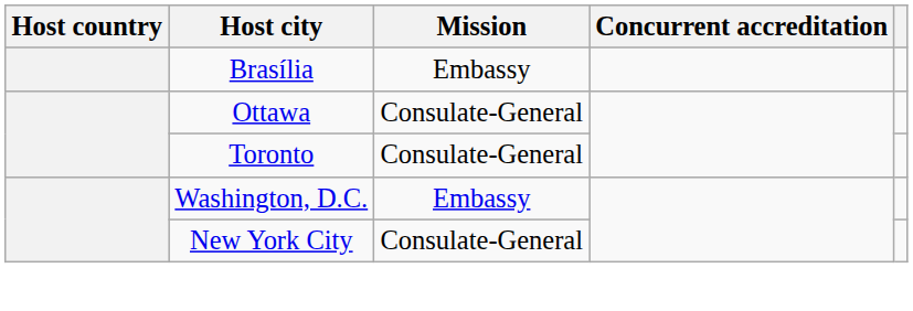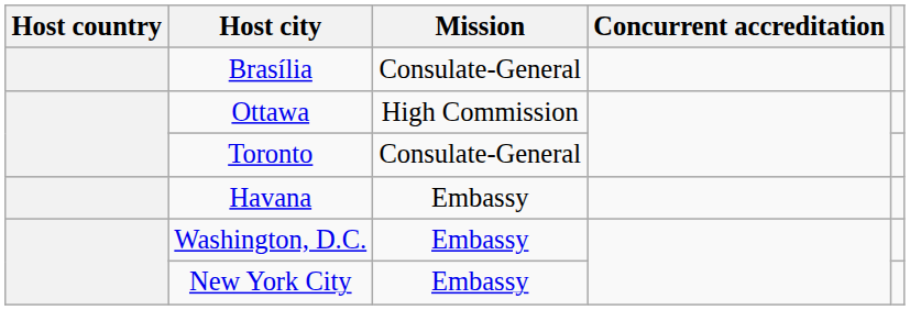 <table class="wikitable plainrowheaders" style="text-align:center">
 <tr>
 <th scope="col">Host country</th>
 <th scope="col">Host city</th>
 <th scope="col">Mission</th>
 <th scope="col">Concurrent accreditation</th>
 <th scope="col"></th>
 </tr>
 <tr>
 <th scope="row"></th>
 <td><a href='#'>Brasília</a></td>
-<td>Embassy</td>
+<td>Consulate-General</td>
 <td></td>
 <td></td>
 </tr>
 <tr>
 <th scope="row" rowspan="2"></th>
 <td><a href='#'>Ottawa</a></td>
-<td>Consulate-General</td>
+<td>High Commission</td>
 <td rowspan="2"></td>
 <td></td>
 </tr>
 <tr>
 <td><a href='#'>Toronto</a></td>
 <td>Consulate-General</td>
+<td></td>
+</tr>
+<tr>
+<th scope="row"></th>
+<td><a href='#'>Havana</a></td>
+<td>Embassy</td>
+<td></td>
 <td></td>
 </tr>
 <tr>
 <th scope="row" rowspan="2"></th>
 <td><a href='#'>Washington, D.C.</a></td>
 <td><a href='#'>Embassy</a></td>
 <td rowspan="2"></td>
 <td></td>
 </tr>
 <tr>
 <td><a href='#'>New York City</a></td>
-<td>Consulate-General</td>
+<td><a href='#'>Embassy</a></td>
 <td></td>
 </tr>
 </table>
